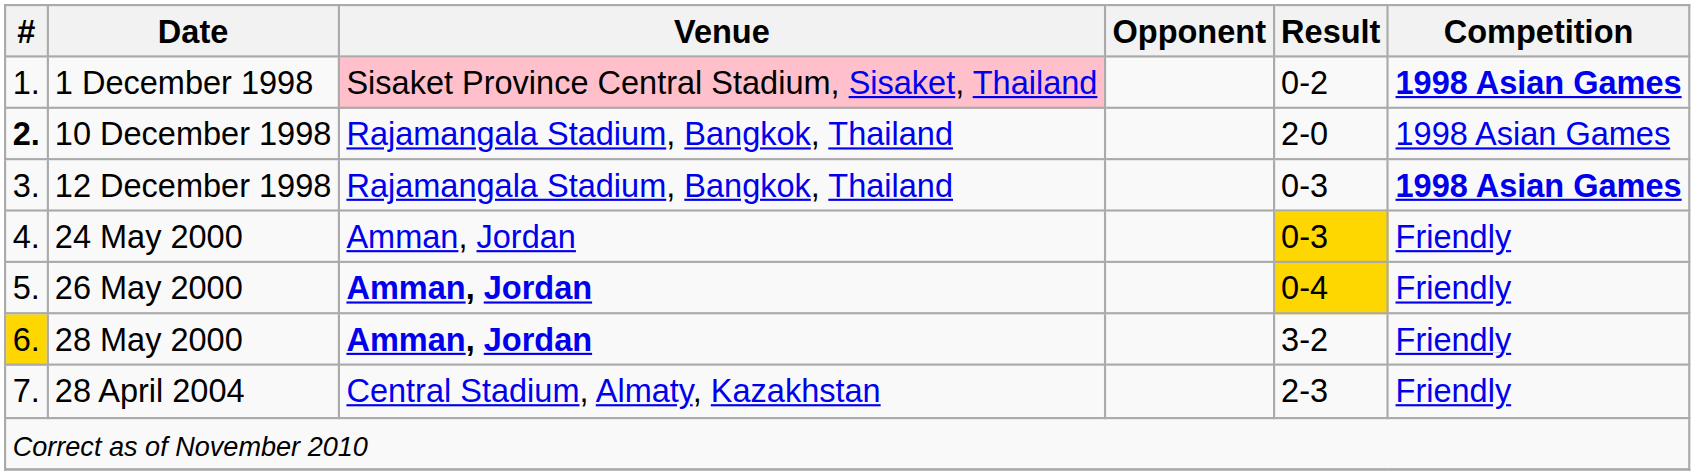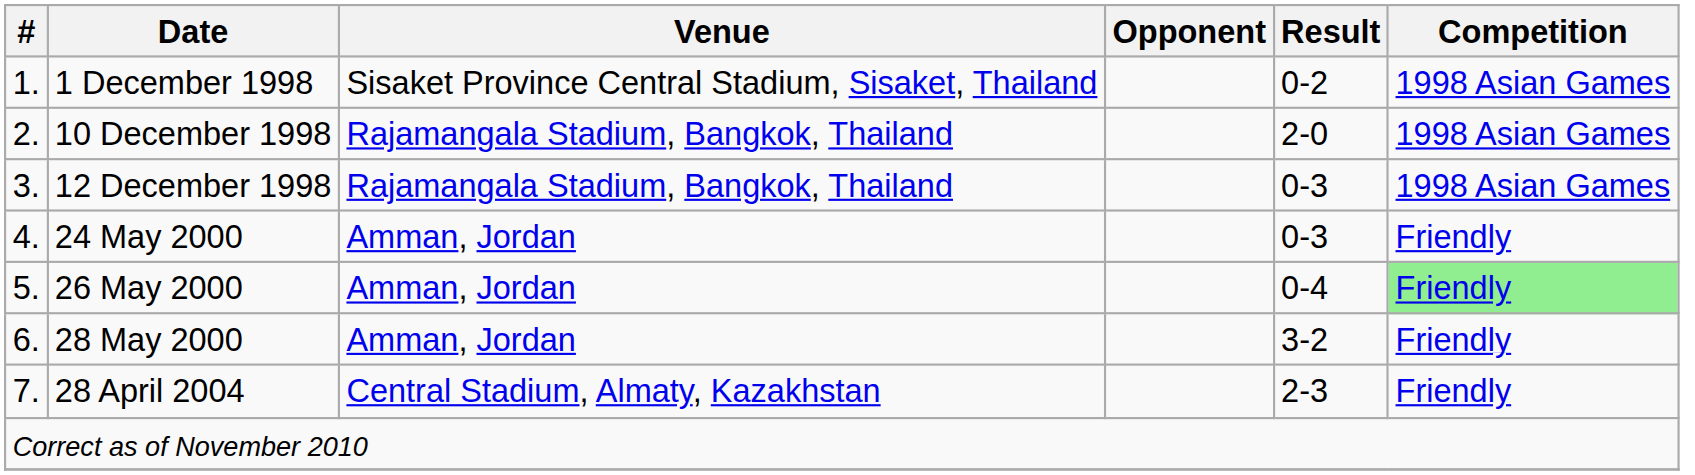 <table class="wikitable" style="font-size:95%;">
 <tr>
 <th>#</th>
 <th>Date</th>
 <th>Venue</th>
 <th>Opponent</th>
 <th>Result</th>
 <th>Competition</th>
 </tr>
 <tr>
 <td>1.</td>
 <td>1 December 1998</td>
-<td style="background: pink;">Sisaket Province Central Stadium, <a href='#'>Sisaket</a>, <a href='#'>Thailand</a></td>
+<td>Sisaket Province Central Stadium, <a href='#'>Sisaket</a>, <a href='#'>Thailand</a></td>
 <td></td>
 <td>0-2</td>
-<td><strong><a href='#'>1998 Asian Games</a></strong></td>
+<td><a href='#'>1998 Asian Games</a></td>
 </tr>
 <tr>
-<td><strong>2.</strong></td>
+<td>2.</td>
 <td>10 December 1998</td>
 <td><a href='#'>Rajamangala Stadium</a>, <a href='#'>Bangkok</a>, <a href='#'>Thailand</a></td>
 <td></td>
 <td>2-0</td>
 <td><a href='#'>1998 Asian Games</a></td>
 </tr>
 <tr>
 <td>3.</td>
 <td>12 December 1998</td>
 <td><a href='#'>Rajamangala Stadium</a>, <a href='#'>Bangkok</a>, <a href='#'>Thailand</a></td>
 <td></td>
 <td>0-3</td>
-<td><strong><a href='#'>1998 Asian Games</a></strong></td>
+<td><a href='#'>1998 Asian Games</a></td>
 </tr>
 <tr>
 <td>4.</td>
 <td>24 May 2000</td>
 <td><a href='#'>Amman</a>, <a href='#'>Jordan</a></td>
 <td></td>
-<td style="background: gold;">0-3</td>
+<td>0-3</td>
 <td><a href='#'>Friendly</a></td>
 </tr>
 <tr>
 <td>5.</td>
 <td>26 May 2000</td>
-<td><strong><a href='#'>Amman</a>, <a href='#'>Jordan</a></strong></td>
+<td><a href='#'>Amman</a>, <a href='#'>Jordan</a></td>
 <td></td>
-<td style="background: gold;">0-4</td>
-<td><a href='#'>Friendly</a></td>
+<td>0-4</td>
+<td style="background: lightgreen;"><a href='#'>Friendly</a></td>
 </tr>
 <tr>
-<td style="background: gold;">6.</td>
+<td>6.</td>
 <td>28 May 2000</td>
-<td><strong><a href='#'>Amman</a>, <a href='#'>Jordan</a></strong></td>
+<td><a href='#'>Amman</a>, <a href='#'>Jordan</a></td>
 <td></td>
 <td>3-2</td>
 <td><a href='#'>Friendly</a></td>
 </tr>
 <tr>
 <td>7.</td>
 <td>28 April 2004</td>
 <td><a href='#'>Central Stadium</a>, <a href='#'>Almaty</a>, <a href='#'>Kazakhstan</a></td>
 <td></td>
 <td>2-3</td>
 <td><a href='#'>Friendly</a></td>
 </tr>
 <tr>
 <td colspan="12"><small><em>Correct as of November 2010</em></small></td>
 </tr>
 <tr>
 </tr>
 </table>
